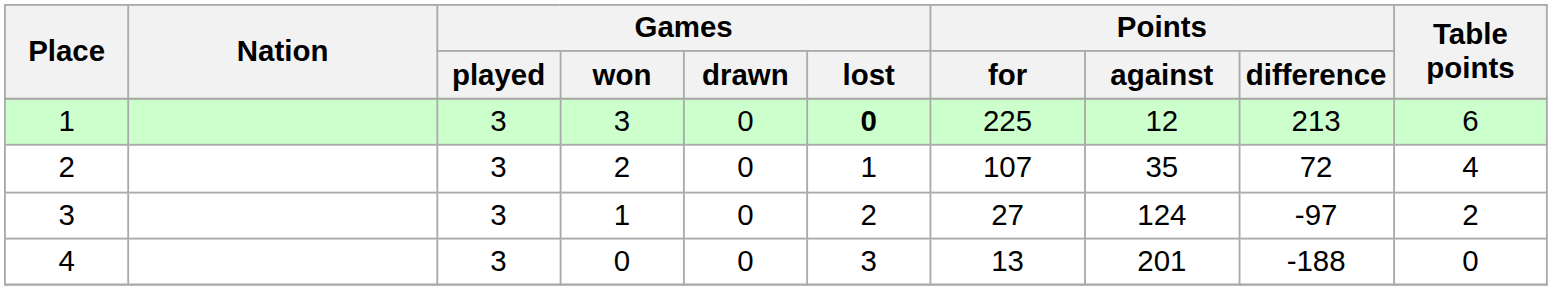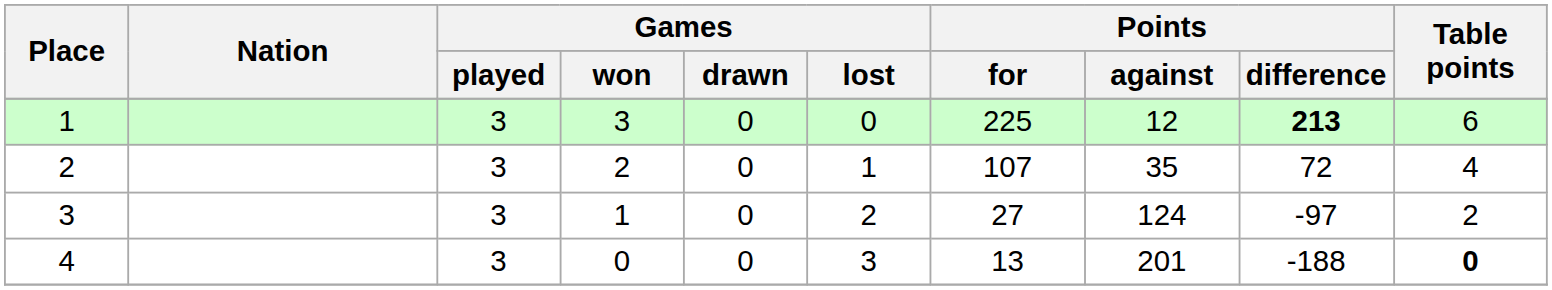 <table class="wikitable">
 <tr>
 <th rowspan=2 width="8%">Place</th>
 <th rowspan=2 width="20%">Nation</th>
 <th colspan=4 width="32%">Games</th>
 <th colspan=3 width="30%">Points</th>
 <th rowspan=2 width="10%">Table<br>points</th>
 </tr>
 <tr>
 <th width="8%">played</th>
 <th width="8%">won</th>
 <th width="8%">drawn</th>
 <th width="8%">lost</th>
 <th width="10%">for</th>
 <th width="10%">against</th>
 <th width="10%">difference</th>
 </tr>
 <tr>
 </tr>
 <tr bgcolor=#ccffcc align=center>
 <td>1</td>
 <td align=left><strong></strong></td>
 <td>3</td>
 <td>3</td>
 <td>0</td>
-<td><strong>0</strong></td>
+<td>0</td>
 <td>225</td>
 <td>12</td>
-<td>213</td>
+<td><strong>213</strong></td>
 <td>6</td>
 </tr>
 <tr bgcolor=#ffffff align=center>
 <td>2</td>
 <td align=left></td>
 <td>3</td>
 <td>2</td>
 <td>0</td>
 <td>1</td>
 <td>107</td>
 <td>35</td>
 <td>72</td>
 <td>4</td>
 </tr>
 <tr bgcolor=#ffffff align=center>
 <td>3</td>
 <td align=left></td>
 <td>3</td>
 <td>1</td>
 <td>0</td>
 <td>2</td>
 <td>27</td>
 <td>124</td>
 <td>-97</td>
 <td>2</td>
 </tr>
 <tr bgcolor=#ffffff align=center>
 <td>4</td>
 <td align=left></td>
 <td>3</td>
 <td>0</td>
 <td>0</td>
 <td>3</td>
 <td>13</td>
 <td>201</td>
 <td>-188</td>
-<td>0</td>
+<td><strong>0</strong></td>
 </tr>
 <tr bgcolor=#ffcccc align=center>
 </tr>
 </table>
